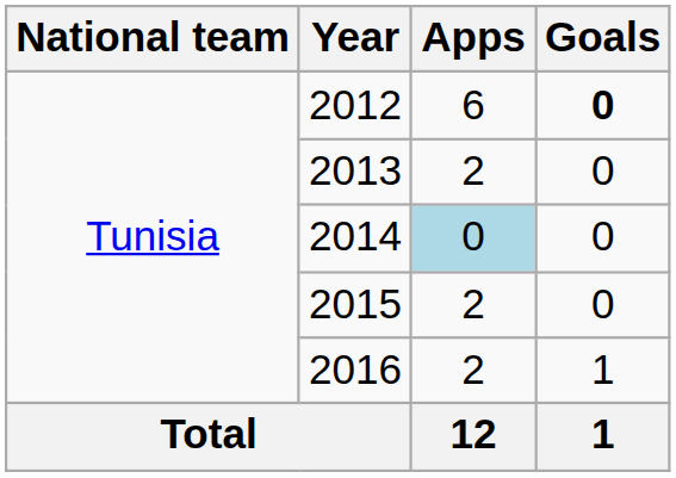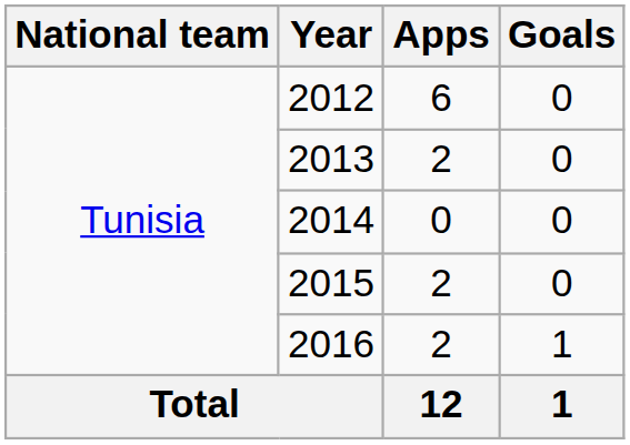 <table class="wikitable" style="text-align:center">
 <tr>
 <th>National team</th>
 <th>Year</th>
 <th>Apps</th>
 <th>Goals</th>
 </tr>
 <tr>
 <td rowspan="5"><a href='#'>Tunisia</a></td>
 <td>2012</td>
 <td>6</td>
-<td><strong>0</strong></td>
+<td>0</td>
 </tr>
 <tr>
 <td>2013</td>
 <td>2</td>
 <td>0</td>
 </tr>
 <tr>
 <td>2014</td>
-<td style="background: lightblue;">0</td>
+<td>0</td>
 <td>0</td>
 </tr>
 <tr>
 <td>2015</td>
 <td>2</td>
 <td>0</td>
 </tr>
 <tr>
 <td>2016</td>
 <td>2</td>
 <td>1</td>
 </tr>
 <tr>
 <th colspan="2">Total</th>
 <th>12</th>
 <th>1</th>
 </tr>
 </table>
